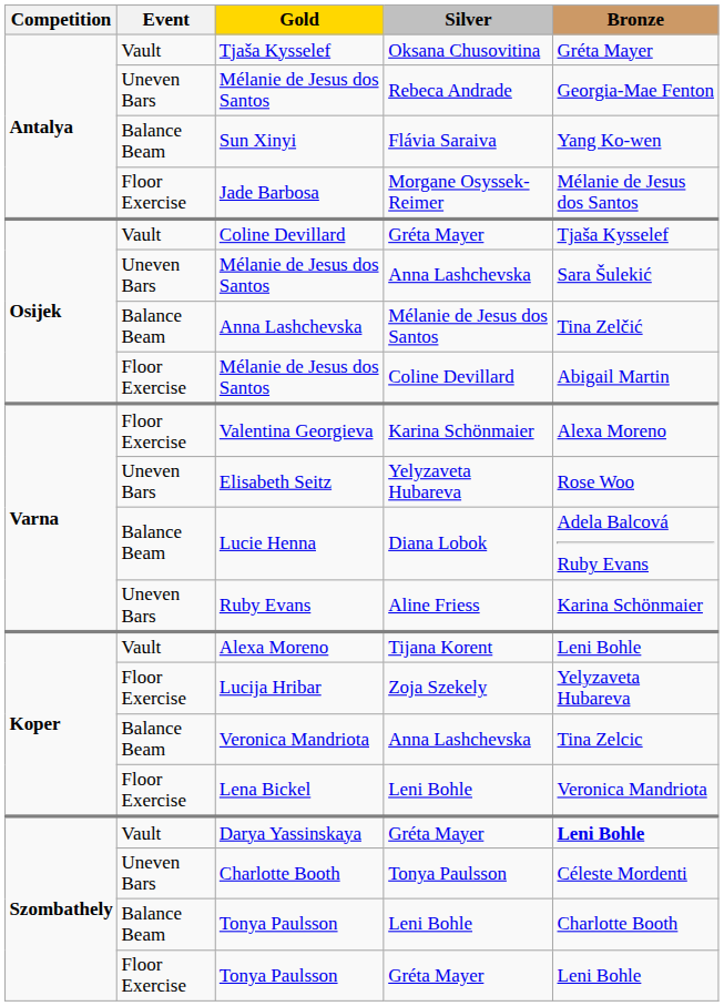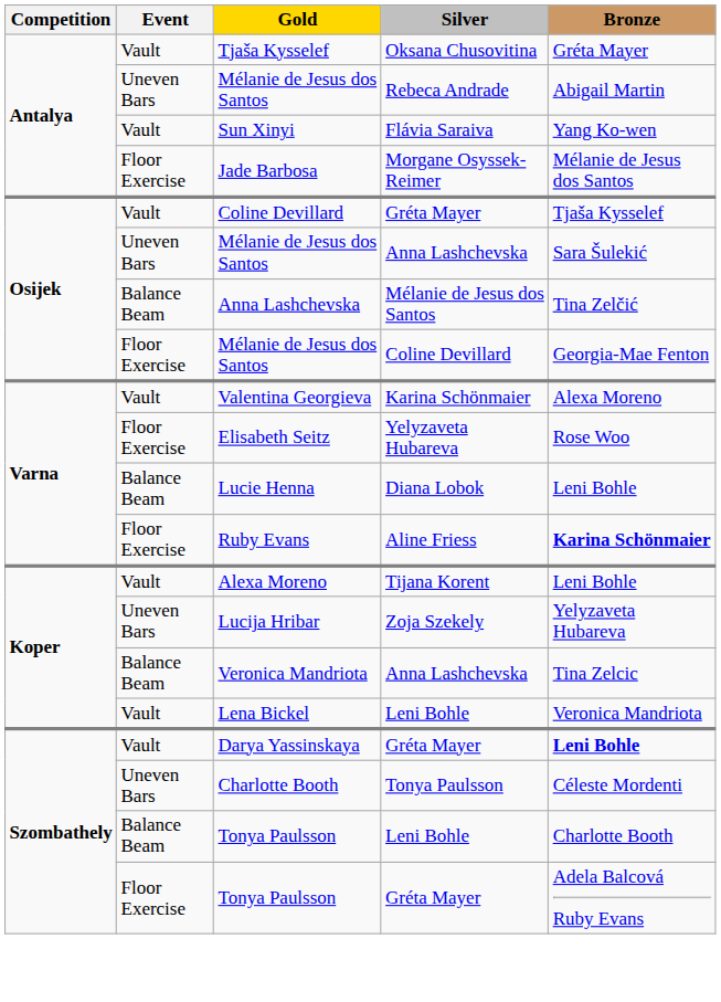 <table class="wikitable">
 <tr>
 <th style="text-align:center;">Competition</th>
 <th style="text-align:center;">Event</th>
 <td style="text-align:center; background:gold;"><strong>Gold</strong></td>
 <td style="text-align:center; background:silver;"><strong>Silver</strong></td>
 <td style="text-align:center; background:#c96;"><strong>Bronze</strong></td>
 </tr>
 <tr>
 <td rowspan=4><strong>Antalya</strong></td>
 <td>Vault</td>
 <td> <a href='#'>Tjaša Kysselef</a></td>
 <td> <a href='#'>Oksana Chusovitina</a></td>
 <td> <a href='#'>Gréta Mayer</a></td>
 </tr>
 <tr>
 <td>Uneven Bars</td>
 <td> <a href='#'>Mélanie de Jesus dos Santos</a></td>
 <td> <a href='#'>Rebeca Andrade</a></td>
-<td> <a href='#'>Georgia-Mae Fenton</a></td>
+<td> <a href='#'>Abigail Martin</a></td>
 </tr>
 <tr>
-<td>Balance Beam</td>
+<td>Vault</td>
 <td> <a href='#'>Sun Xinyi </a></td>
 <td> <a href='#'>Flávia Saraiva</a></td>
 <td> <a href='#'>Yang Ko-wen</a></td>
 </tr>
 <tr>
 <td>Floor Exercise</td>
 <td> <a href='#'>Jade Barbosa</a></td>
 <td> <a href='#'>Morgane Osyssek-Reimer</a></td>
 <td> <a href='#'>Mélanie de Jesus dos Santos</a></td>
 </tr>
 <tr style="border-top: 3px solid grey;">
 <td rowspan=4><strong>Osijek</strong></td>
 <td>Vault</td>
 <td> <a href='#'>Coline Devillard</a></td>
 <td> <a href='#'>Gréta Mayer</a></td>
 <td> <a href='#'>Tjaša Kysselef</a></td>
 </tr>
 <tr>
 <td>Uneven Bars</td>
 <td> <a href='#'>Mélanie de Jesus dos Santos</a></td>
 <td> <a href='#'>Anna Lashchevska</a></td>
 <td> <a href='#'>Sara Šulekić</a></td>
 </tr>
 <tr>
 <td>Balance Beam</td>
 <td> <a href='#'>Anna Lashchevska</a></td>
 <td> <a href='#'>Mélanie de Jesus dos Santos</a></td>
 <td> <a href='#'>Tina Zelčić</a></td>
 </tr>
 <tr>
 <td>Floor Exercise</td>
 <td> <a href='#'>Mélanie de Jesus dos Santos</a></td>
 <td> <a href='#'>Coline Devillard</a></td>
-<td> <a href='#'>Abigail Martin</a></td>
+<td> <a href='#'>Georgia-Mae Fenton</a></td>
 </tr>
 <tr style="border-top: 3px solid grey;">
 <td rowspan=4><strong>Varna</strong></td>
-<td>Floor Exercise</td>
+<td>Vault</td>
 <td> <a href='#'>Valentina Georgieva</a></td>
 <td> <a href='#'>Karina Schönmaier</a></td>
 <td> <a href='#'>Alexa Moreno</a></td>
 </tr>
 <tr>
-<td>Uneven Bars</td>
+<td>Floor Exercise</td>
 <td> <a href='#'>Elisabeth Seitz</a></td>
 <td> <a href='#'>Yelyzaveta Hubareva</a></td>
 <td> <a href='#'>Rose Woo</a></td>
 </tr>
 <tr>
 <td>Balance Beam</td>
 <td> <a href='#'>Lucie Henna</a></td>
 <td> <a href='#'>Diana Lobok</a></td>
-<td> <a href='#'>Adela Balcová</a><hr>  <a href='#'>Ruby Evans</a></td>
+<td> <a href='#'>Leni Bohle</a></td>
 </tr>
 <tr>
-<td>Uneven Bars</td>
+<td>Floor Exercise</td>
 <td> <a href='#'>Ruby Evans</a></td>
 <td> <a href='#'>Aline Friess</a></td>
-<td> <a href='#'>Karina Schönmaier</a></td>
+<td><strong> <a href='#'>Karina Schönmaier</a></strong></td>
 </tr>
 <tr style="border-top: 3px solid grey;">
 <td rowspan=4><strong>Koper</strong></td>
 <td>Vault</td>
 <td> <a href='#'>Alexa Moreno</a></td>
 <td> <a href='#'>Tijana Korent</a></td>
 <td> <a href='#'>Leni Bohle</a></td>
 </tr>
 <tr>
-<td>Floor Exercise</td>
+<td>Uneven Bars</td>
 <td> <a href='#'>Lucija Hribar</a></td>
 <td> <a href='#'>Zoja Szekely</a></td>
 <td> <a href='#'>Yelyzaveta Hubareva</a></td>
 </tr>
 <tr>
 <td>Balance Beam</td>
 <td> <a href='#'>Veronica Mandriota</a></td>
 <td> <a href='#'>Anna Lashchevska</a></td>
 <td> <a href='#'>Tina Zelcic</a></td>
 </tr>
 <tr>
-<td>Floor Exercise</td>
+<td>Vault</td>
 <td> <a href='#'>Lena Bickel</a></td>
 <td> <a href='#'>Leni Bohle</a></td>
 <td> <a href='#'>Veronica Mandriota</a></td>
 </tr>
 <tr style="border-top: 3px solid grey;">
 <td rowspan=4><strong>Szombathely</strong></td>
 <td>Vault</td>
 <td> <a href='#'>Darya Yassinskaya</a></td>
 <td> <a href='#'>Gréta Mayer</a></td>
 <td><strong> <a href='#'>Leni Bohle</a></strong></td>
 </tr>
 <tr>
 <td>Uneven Bars</td>
 <td> <a href='#'>Charlotte Booth</a></td>
 <td> <a href='#'>Tonya Paulsson</a></td>
 <td> <a href='#'>Céleste Mordenti</a></td>
 </tr>
 <tr>
 <td>Balance Beam</td>
 <td> <a href='#'>Tonya Paulsson</a></td>
 <td> <a href='#'>Leni Bohle</a></td>
 <td> <a href='#'>Charlotte Booth</a></td>
 </tr>
 <tr>
 <td>Floor Exercise</td>
 <td> <a href='#'>Tonya Paulsson</a></td>
 <td> <a href='#'>Gréta Mayer</a></td>
-<td> <a href='#'>Leni Bohle</a></td>
+<td> <a href='#'>Adela Balcová</a><hr>  <a href='#'>Ruby Evans</a></td>
 </tr>
 </table>
